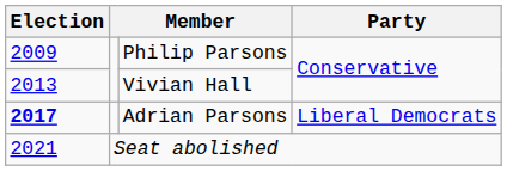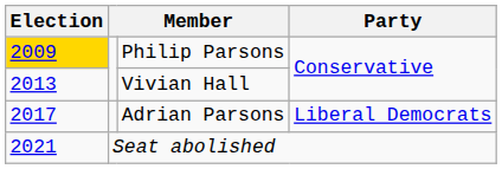 <table class="wikitable">
 <tr>
 <th>Election</th>
 <th colspan="2">Member</th>
 <th>Party</th>
 </tr>
 <tr>
-<td><a href='#'>2009</a></td>
+<td style="background: gold;"><a href='#'>2009</a></td>
 <td rowspan="2" style="background-color: "></td>
 <td rowspan="1">Philip Parsons</td>
 <td rowspan="2"><a href='#'>Conservative</a></td>
 </tr>
 <tr>
 <td><a href='#'>2013</a></td>
 <td rowspan="1">Vivian Hall</td>
 </tr>
 <tr>
-<td><strong><a href='#'>2017</a></strong></td>
+<td><a href='#'>2017</a></td>
 <td rowspan="1" style="background-color: "></td>
 <td rowspan="1">Adrian Parsons</td>
 <td rowspan="1"><a href='#'>Liberal Democrats</a></td>
 </tr>
 <tr>
 <td><a href='#'>2021</a></td>
 <td colspan="3"><em>Seat abolished</em></td>
 </tr>
 </table>
